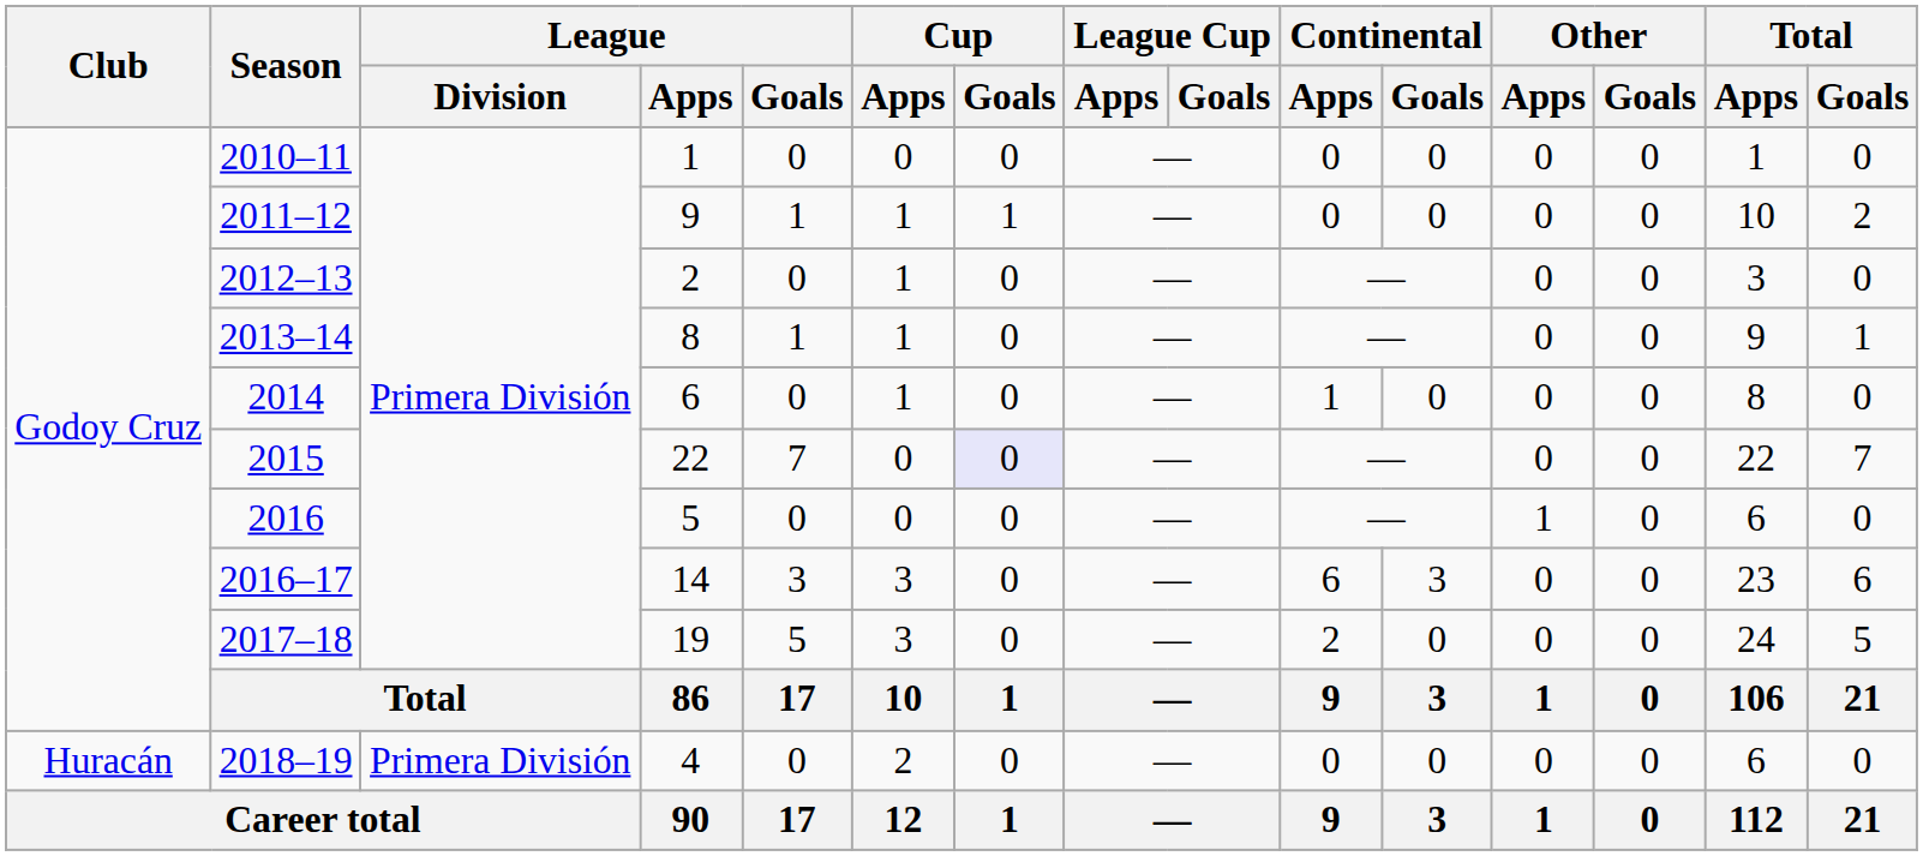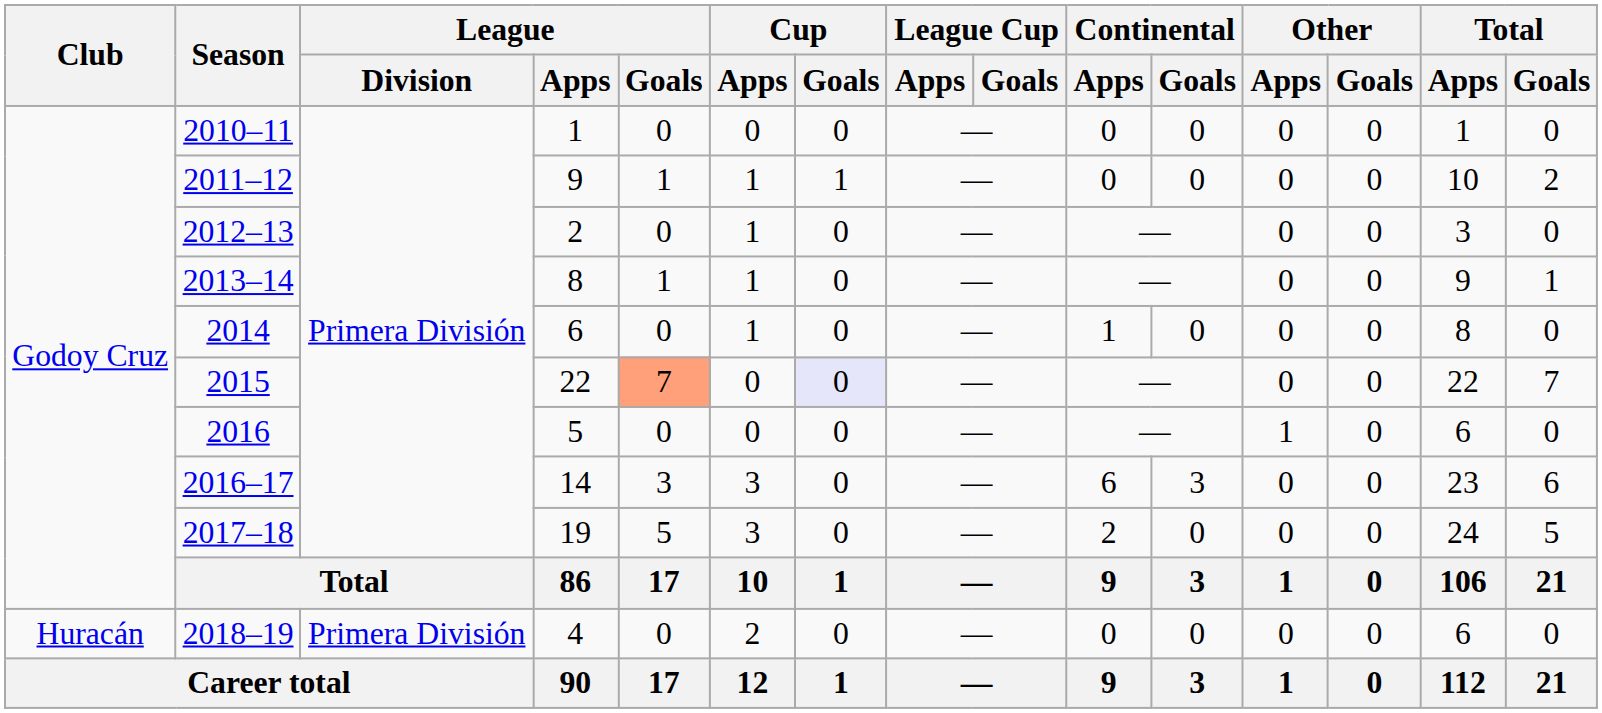 <table class="wikitable" style="text-align:center">
 <tr>
 <th rowspan="2">Club</th>
 <th rowspan="2">Season</th>
 <th colspan="3">League</th>
 <th colspan="2">Cup</th>
 <th colspan="2">League Cup</th>
 <th colspan="2">Continental</th>
 <th colspan="2">Other</th>
 <th colspan="2">Total</th>
 </tr>
 <tr>
 <th>Division</th>
 <th>Apps</th>
 <th>Goals</th>
 <th>Apps</th>
 <th>Goals</th>
 <th>Apps</th>
 <th>Goals</th>
 <th>Apps</th>
 <th>Goals</th>
 <th>Apps</th>
 <th>Goals</th>
 <th>Apps</th>
 <th>Goals</th>
 </tr>
 <tr>
 <td rowspan="10"><a href='#'>Godoy Cruz</a></td>
 <td><a href='#'>2010–11</a></td>
 <td rowspan="9"><a href='#'>Primera División</a></td>
 <td>1</td>
 <td>0</td>
 <td>0</td>
 <td>0</td>
 <td colspan="2">—</td>
 <td>0</td>
 <td>0</td>
 <td>0</td>
 <td>0</td>
 <td>1</td>
 <td>0</td>
 </tr>
 <tr>
 <td><a href='#'>2011–12</a></td>
 <td>9</td>
 <td>1</td>
 <td>1</td>
 <td>1</td>
 <td colspan="2">—</td>
 <td>0</td>
 <td>0</td>
 <td>0</td>
 <td>0</td>
 <td>10</td>
 <td>2</td>
 </tr>
 <tr>
 <td><a href='#'>2012–13</a></td>
 <td>2</td>
 <td>0</td>
 <td>1</td>
 <td>0</td>
 <td colspan="2">—</td>
 <td colspan="2">—</td>
 <td>0</td>
 <td>0</td>
 <td>3</td>
 <td>0</td>
 </tr>
 <tr>
 <td><a href='#'>2013–14</a></td>
 <td>8</td>
 <td>1</td>
 <td>1</td>
 <td>0</td>
 <td colspan="2">—</td>
 <td colspan="2">—</td>
 <td>0</td>
 <td>0</td>
 <td>9</td>
 <td>1</td>
 </tr>
 <tr>
 <td><a href='#'>2014</a></td>
 <td>6</td>
 <td>0</td>
 <td>1</td>
 <td>0</td>
 <td colspan="2">—</td>
 <td>1</td>
 <td>0</td>
 <td>0</td>
 <td>0</td>
 <td>8</td>
 <td>0</td>
 </tr>
 <tr>
 <td><a href='#'>2015</a></td>
 <td>22</td>
-<td>7</td>
+<td style="background: lightsalmon;">7</td>
 <td>0</td>
 <td style="background: lavender;">0</td>
 <td colspan="2">—</td>
 <td colspan="2">—</td>
 <td>0</td>
 <td>0</td>
 <td>22</td>
 <td>7</td>
 </tr>
 <tr>
 <td><a href='#'>2016</a></td>
 <td>5</td>
 <td>0</td>
 <td>0</td>
 <td>0</td>
 <td colspan="2">—</td>
 <td colspan="2">—</td>
 <td>1</td>
 <td>0</td>
 <td>6</td>
 <td>0</td>
 </tr>
 <tr>
 <td><a href='#'>2016–17</a></td>
 <td>14</td>
 <td>3</td>
 <td>3</td>
 <td>0</td>
 <td colspan="2">—</td>
 <td>6</td>
 <td>3</td>
 <td>0</td>
 <td>0</td>
 <td>23</td>
 <td>6</td>
 </tr>
 <tr>
 <td><a href='#'>2017–18</a></td>
 <td>19</td>
 <td>5</td>
 <td>3</td>
 <td>0</td>
 <td colspan="2">—</td>
 <td>2</td>
 <td>0</td>
 <td>0</td>
 <td>0</td>
 <td>24</td>
 <td>5</td>
 </tr>
 <tr>
 <th colspan="2">Total</th>
 <th>86</th>
 <th>17</th>
 <th>10</th>
 <th>1</th>
 <th colspan="2">—</th>
 <th>9</th>
 <th>3</th>
 <th>1</th>
 <th>0</th>
 <th>106</th>
 <th>21</th>
 </tr>
 <tr>
 <td rowspan="1"><a href='#'>Huracán</a></td>
 <td><a href='#'>2018–19</a></td>
 <td rowspan="1"><a href='#'>Primera División</a></td>
 <td>4</td>
 <td>0</td>
 <td>2</td>
 <td>0</td>
 <td colspan="2">—</td>
 <td>0</td>
 <td>0</td>
 <td>0</td>
 <td>0</td>
 <td>6</td>
 <td>0</td>
 </tr>
 <tr>
 <th colspan="3">Career total</th>
 <th>90</th>
 <th>17</th>
 <th>12</th>
 <th>1</th>
 <th colspan="2">—</th>
 <th>9</th>
 <th>3</th>
 <th>1</th>
 <th>0</th>
 <th>112</th>
 <th>21</th>
 </tr>
 </table>
